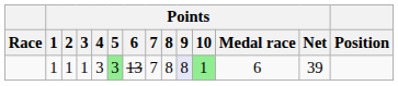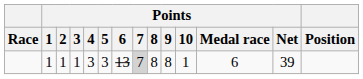 <table | class="wikitable" style="text-align:center">
 <tr>
 <th></th>
 <th colspan="12">Points</th>
 <th></th>
 </tr>
 <tr>
 <th>Race</th>
 <th>1</th>
 <th>2</th>
 <th>3</th>
 <th>4</th>
 <th>5</th>
 <th>6</th>
 <th>7</th>
 <th>8</th>
 <th>9</th>
 <th>10</th>
 <th>Medal race</th>
 <th>Net</th>
 <th>Position</th>
 </tr>
 <tr>
 <td></td>
 <td>1</td>
 <td>1</td>
 <td>1</td>
 <td>3</td>
-<td style="background: lightgreen;">3</td>
+<td>3</td>
 <td><s>13 </s></td>
-<td>7</td>
+<td style="background: lightgrey;">7</td>
 <td>8</td>
-<td style="background: lavender;">8</td>
-<td style="background: lightgreen;">1</td>
+<td>8</td>
+<td>1</td>
 <td>6</td>
 <td>39</td>
 <td></td>
 </tr>
 </table>
